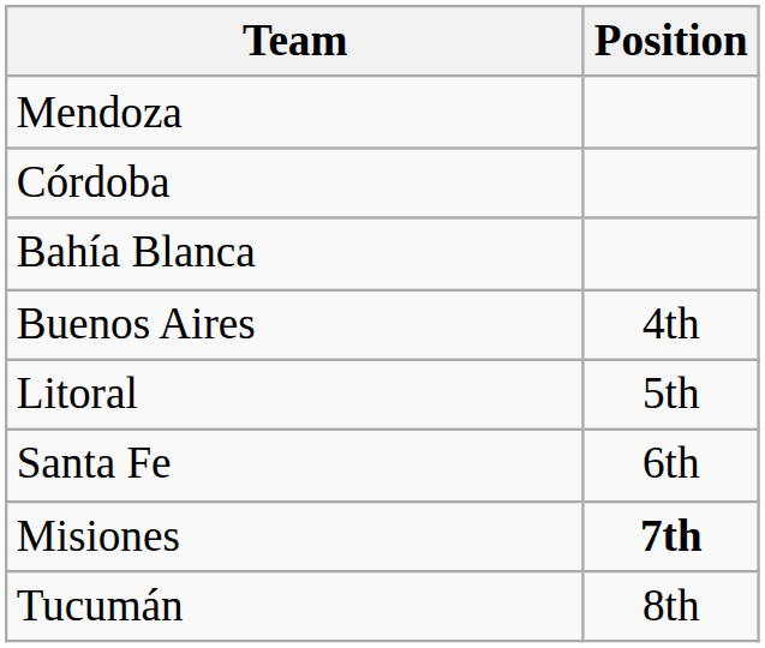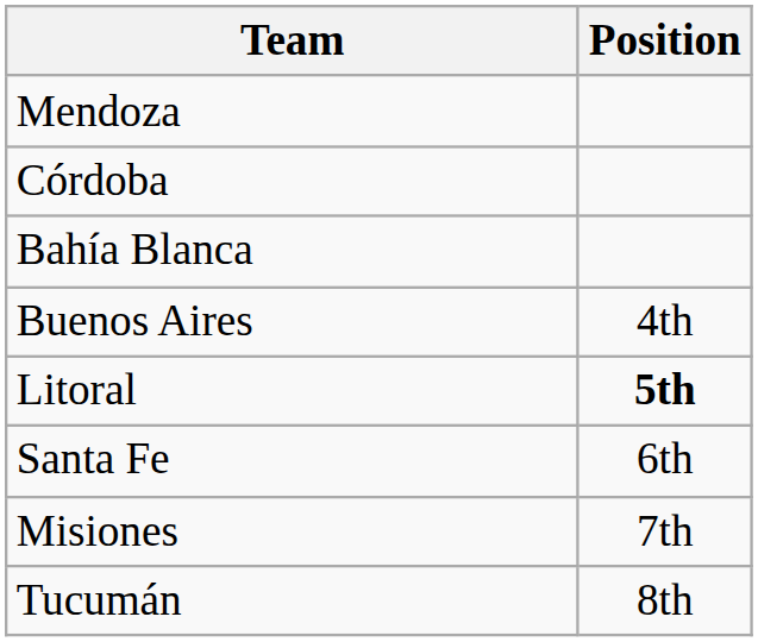 <table class="wikitable">
 <tr>
 <th width=200px>Team</th>
 <th width=40px>Position</th>
 </tr>
 <tr>
 <td> Mendoza</td>
 <td align=center></td>
 </tr>
 <tr>
 <td> Córdoba</td>
 <td align=center></td>
 </tr>
 <tr>
 <td> Bahía Blanca</td>
 <td align=center></td>
 </tr>
 <tr>
 <td> Buenos Aires</td>
 <td align=center>4th</td>
 </tr>
 <tr>
 <td> Litoral</td>
-<td align=center>5th</td>
+<td align=center><strong>5th</strong></td>
 </tr>
 <tr>
 <td> Santa Fe</td>
 <td align=center>6th</td>
 </tr>
 <tr>
 <td> Misiones</td>
-<td align=center><strong>7th </strong></td>
+<td align=center>7th </td>
 </tr>
 <tr>
 <td> Tucumán</td>
 <td align=center>8th </td>
 </tr>
 </table>
